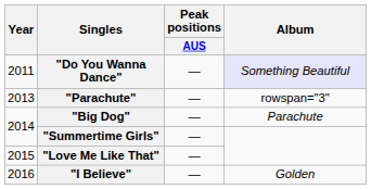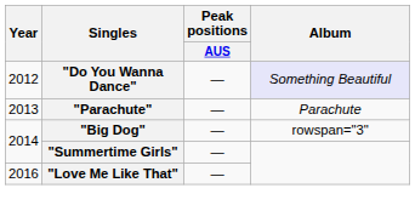 <table class="wikitable plainrowheaders" style="text-align:center">
 <tr>
 <th rowspan="2" width="10">Year</th>
 <th rowspan="2" width="160">Singles</th>
 <th colspan="1" width="20">Peak positions</th>
 <th rowspan="2" width="180">Album</th>
 </tr>
 <tr>
 <th scope="col" style="width:3em;font-size:90%;"><a href='#'>AUS</a><br></th>
 </tr>
 <tr>
-<td>2011</td>
+<td>2012</td>
 <th scope="row">"Do You Wanna Dance"</th>
 <td>—</td>
 <td style="background: lavender;"><em>Something Beautiful</em></td>
 </tr>
 <tr>
 <td>2013</td>
 <th scope="row">"Parachute"</th>
 <td>—</td>
-<td>rowspan="3" </td>
+<td><em>Parachute</em></td>
 </tr>
 <tr>
 <td rowspan="2">2014</td>
 <th scope="row">"Big Dog"</th>
 <td>—</td>
-<td><em>Parachute</em></td>
+<td>rowspan="3" </td>
 </tr>
 <tr>
 <th scope="row">"Summertime Girls"</th>
 <td>—</td>
 </tr>
 <tr>
-<td>2015</td>
+<td>2016</td>
 <th scope="row">"Love Me Like That"</th>
 <td>—</td>
 </tr>
-<tr>
-<td>2016</td>
-<th scope="row">"I Believe"</th>
-<td>—</td>
-<td><em>Golden</em></td>
-</tr>
 </table>
